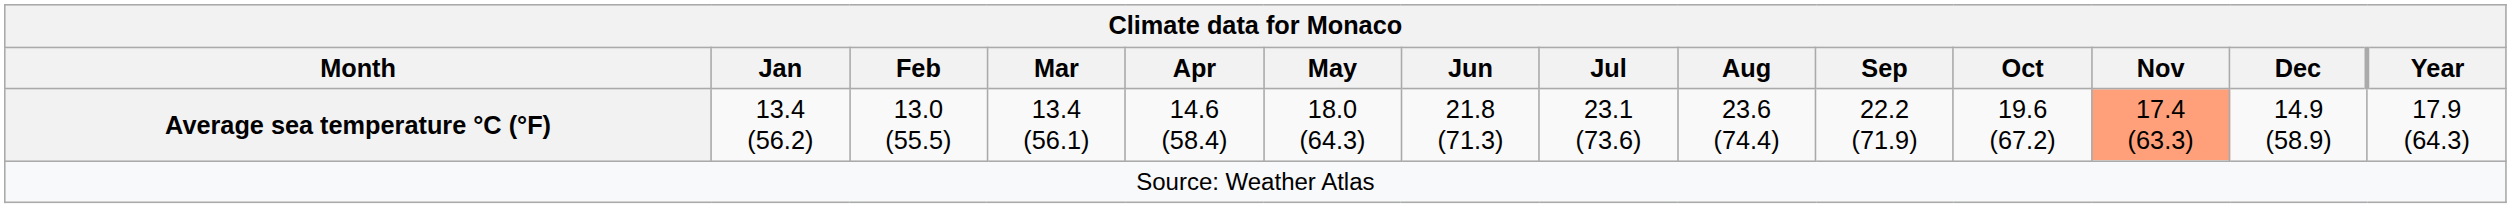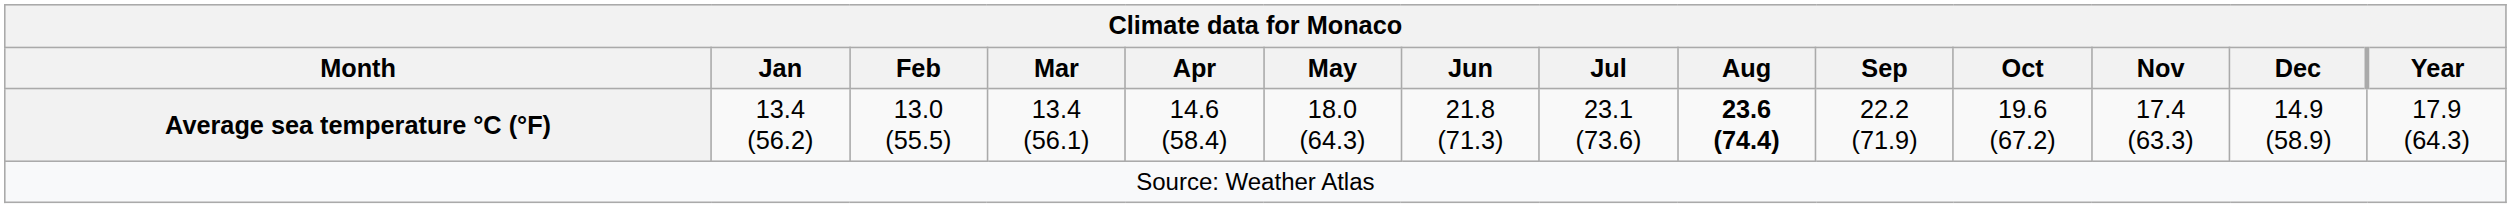 <table style="width:100%;text-align:center;line-height:1.2em;margin-left:auto;margin-right:auto" class="wikitable mw-collapsible">
 <tr>
 <th Colspan=14>Climate data for Monaco</th>
 </tr>
 <tr>
 <th>Month</th>
 <th>Jan</th>
 <th>Feb</th>
 <th>Mar</th>
 <th>Apr</th>
 <th>May</th>
 <th>Jun</th>
 <th>Jul</th>
 <th>Aug</th>
 <th>Sep</th>
 <th>Oct</th>
 <th>Nov</th>
 <th>Dec</th>
 <th style="border-left-width:medium">Year</th>
 </tr>
 <tr>
 <th>Average sea temperature °C (°F)</th>
 <td>13.4<br>(56.2)</td>
 <td>13.0<br>(55.5)</td>
 <td>13.4<br>(56.1)</td>
 <td>14.6<br>(58.4)</td>
 <td>18.0<br>(64.3)</td>
 <td>21.8<br>(71.3)</td>
 <td>23.1<br>(73.6)</td>
-<td>23.6<br>(74.4)</td>
+<td><strong>23.6<br>(74.4)</strong></td>
 <td>22.2<br>(71.9)</td>
 <td>19.6<br>(67.2)</td>
-<td style="background: lightsalmon;">17.4<br>(63.3)</td>
+<td>17.4<br>(63.3)</td>
 <td>14.9<br>(58.9)</td>
 <td>17.9<br>(64.3)</td>
 </tr>
 <tr>
 <th Colspan=14 style="background:#f8f9fa;font-weight:normal;font-size:95%;">Source: Weather Atlas</th>
 </tr>
 </table>
